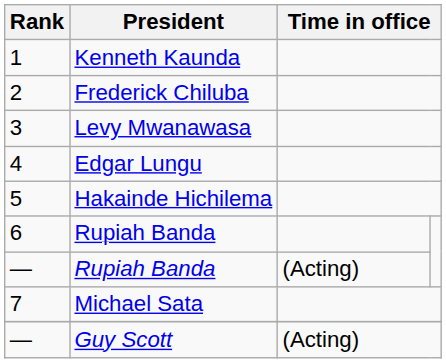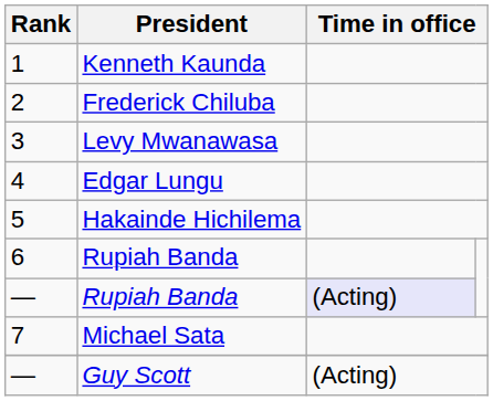 <table class="wikitable sortable">
 <tr>
 <th>Rank</th>
 <th>President</th>
 <th colspan=2>Time in office</th>
 </tr>
 <tr>
 <td>1</td>
 <td><a href='#'>Kenneth Kaunda</a></td>
 <td colspan=2></td>
 </tr>
 <tr>
 <td>2</td>
 <td><a href='#'>Frederick Chiluba</a></td>
 <td colspan=2></td>
 </tr>
 <tr>
 <td>3</td>
 <td><a href='#'>Levy Mwanawasa</a></td>
 <td colspan=2></td>
 </tr>
 <tr>
 <td>4</td>
 <td><a href='#'>Edgar Lungu</a></td>
 <td colspan=2></td>
 </tr>
 <tr>
 <td>5</td>
 <td><a href='#'>Hakainde Hichilema</a></td>
 <td colspan=2></td>
 </tr>
 <tr>
 <td>6</td>
 <td><a href='#'>Rupiah Banda</a></td>
 <td></td>
 <td colspan=2 rowspan=2></td>
 </tr>
 <tr>
 <td>—</td>
 <td><em><a href='#'>Rupiah Banda</a></em></td>
-<td> (Acting)</td>
+<td style="background: lavender;"> (Acting)</td>
 </tr>
 <tr>
 <td>7</td>
 <td><a href='#'>Michael Sata</a></td>
 <td colspan=2></td>
 </tr>
 <tr bgcolor="ccccff">
 </tr>
 <tr>
 <td>—</td>
 <td><em><a href='#'>Guy Scott</a></em></td>
 <td colspan=2> (Acting)</td>
 </tr>
 </table>
